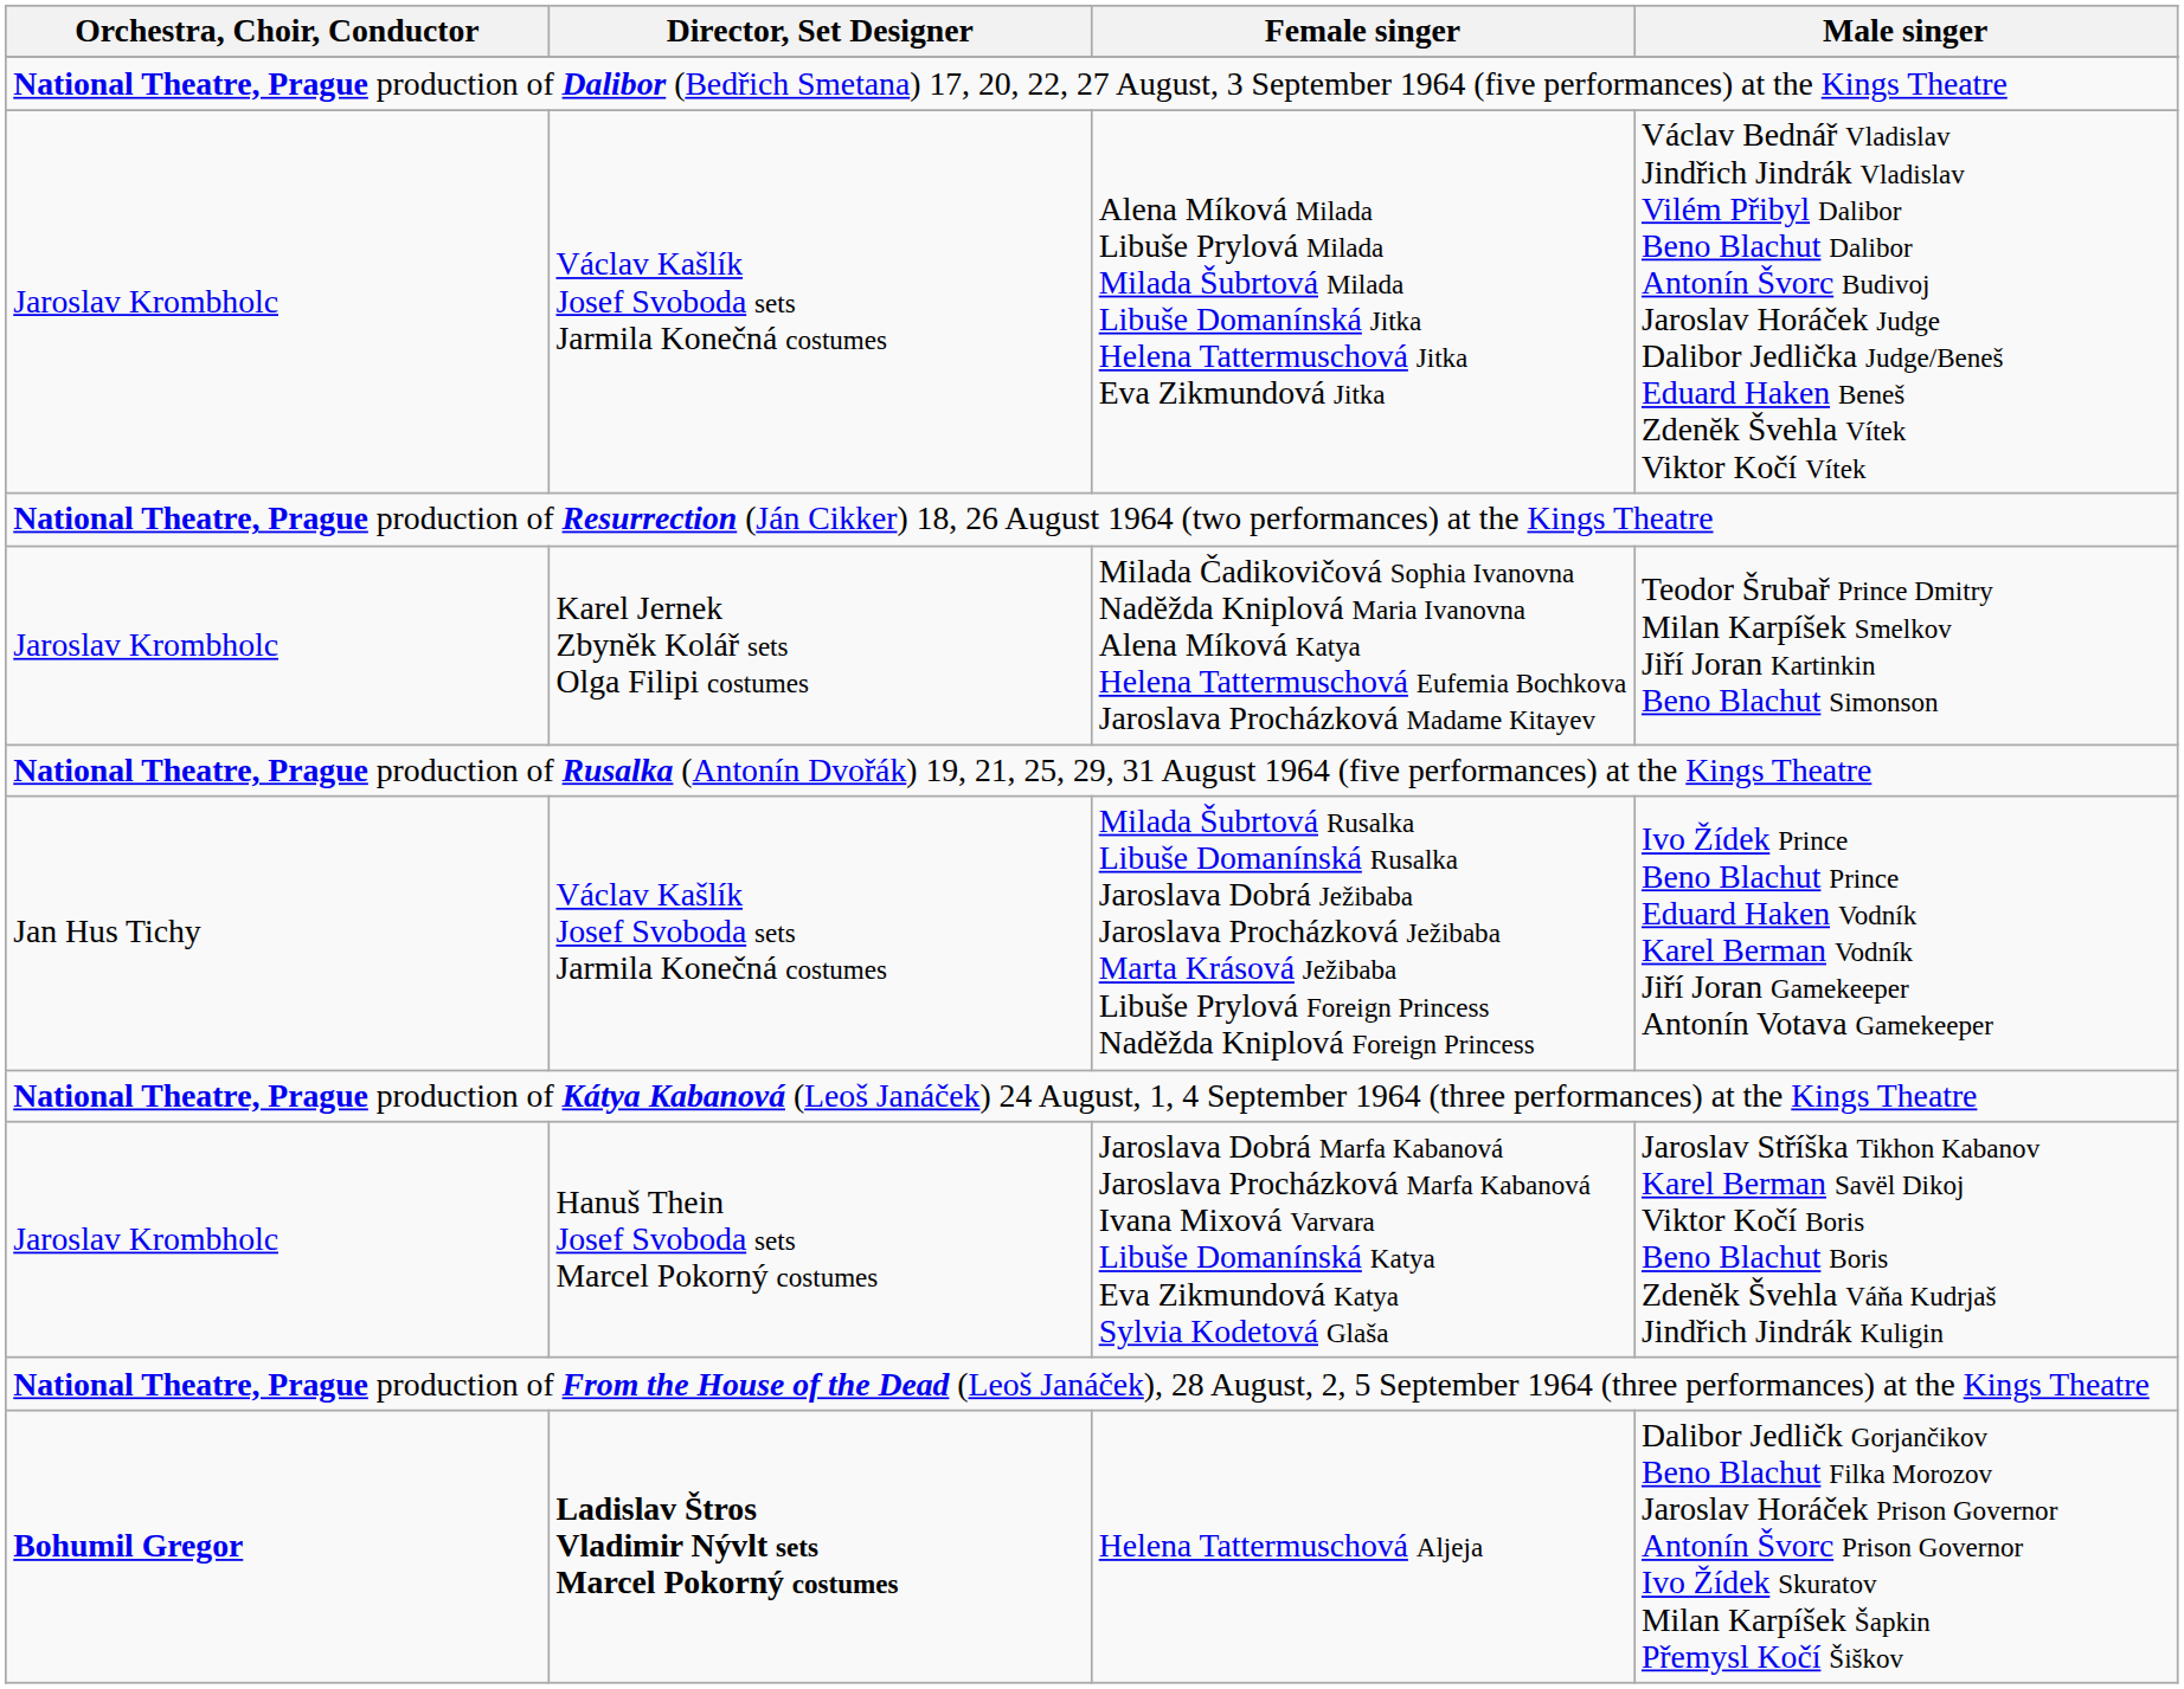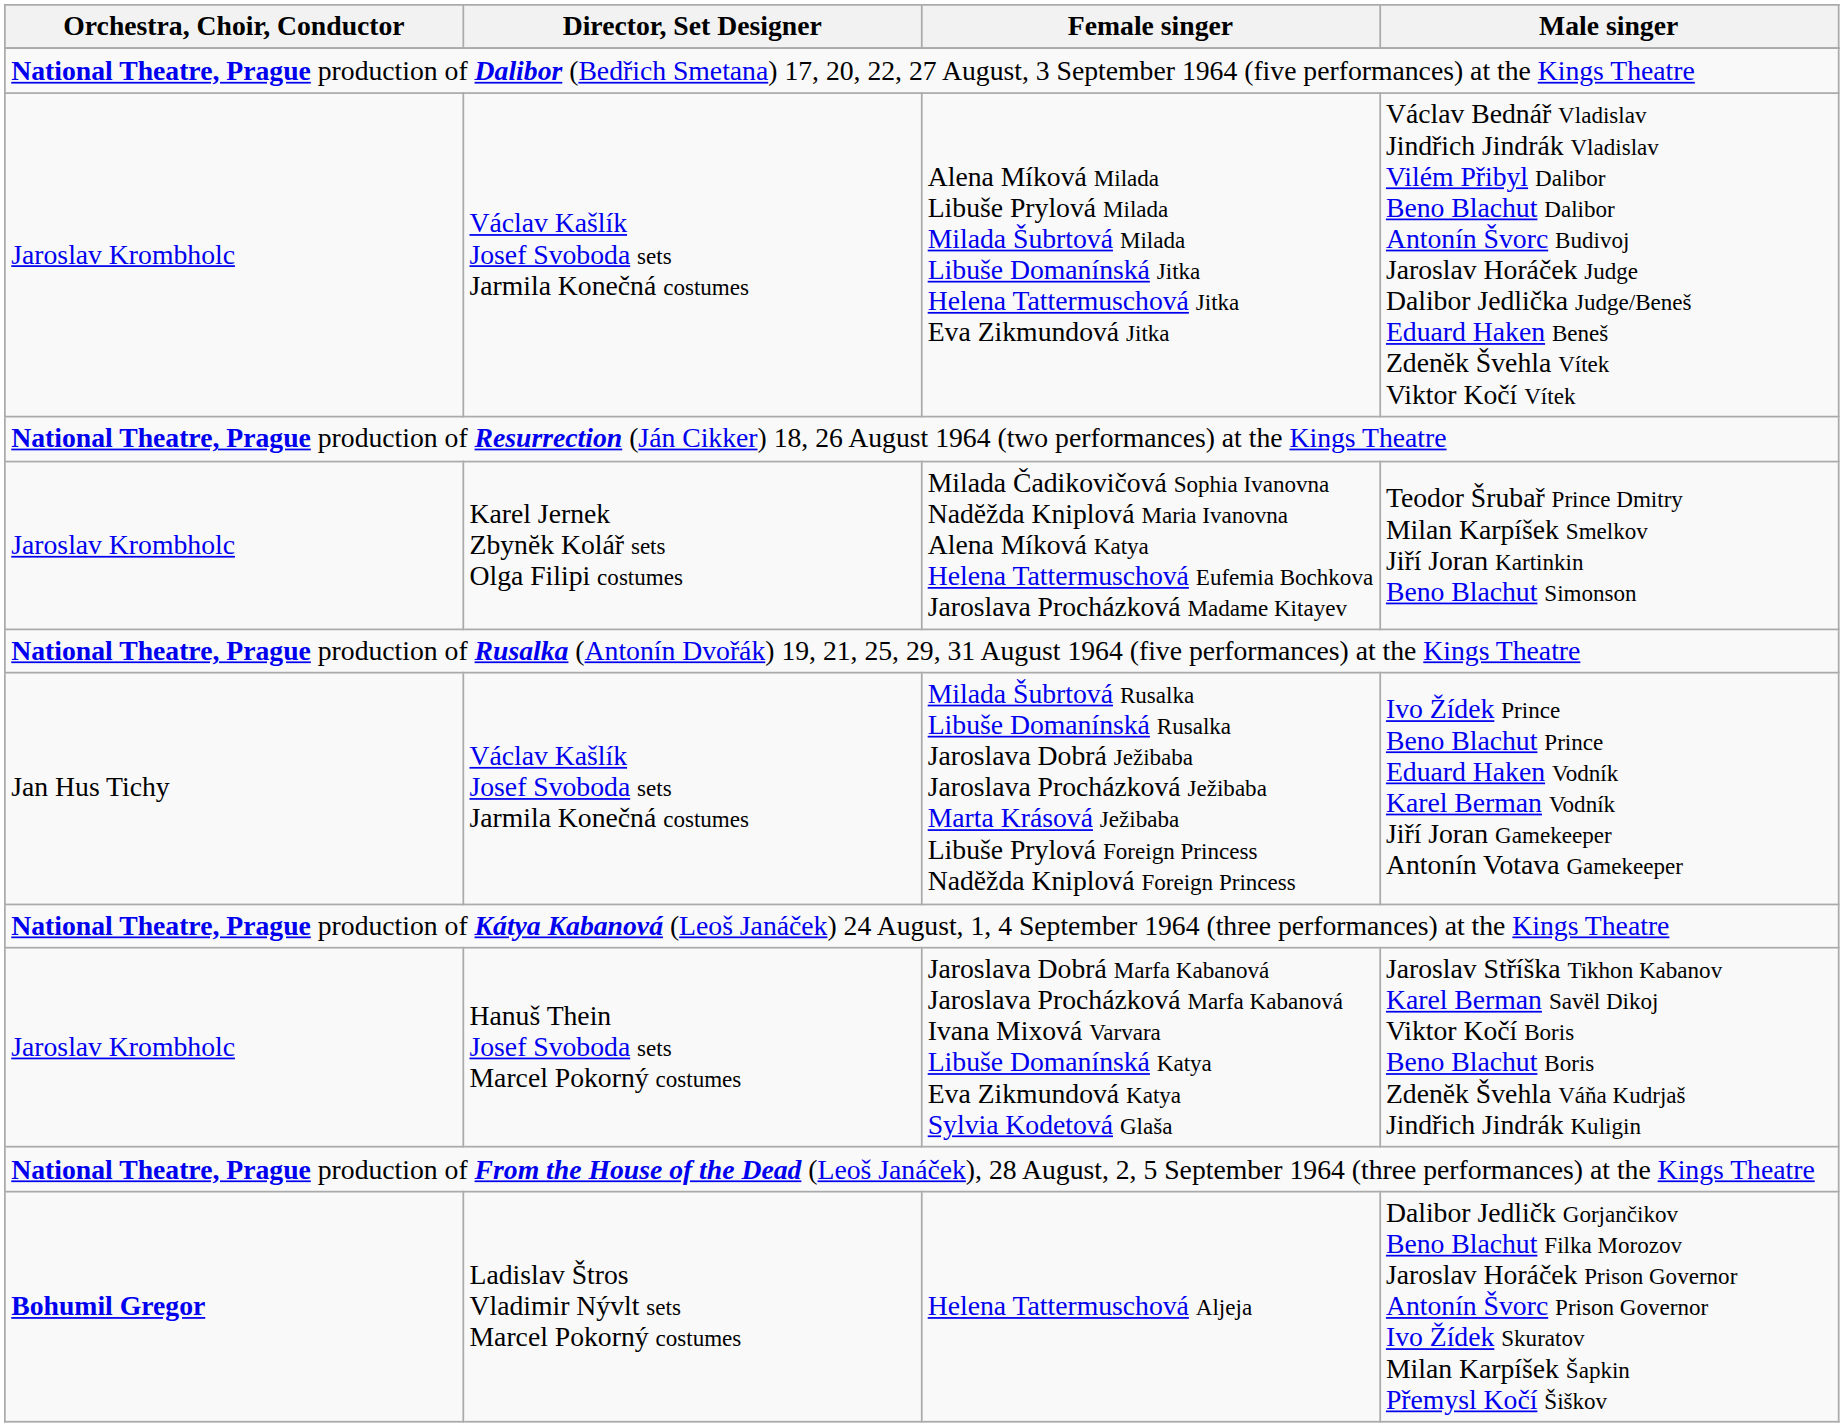 <table class="wikitable toptextcells">
 <tr class="hintergrundfarbe5">
 <th style="width:25%;">Orchestra, Choir, Conductor</th>
 <th style="width:25%;">Director, Set Designer</th>
 <th style="width:25%;">Female singer</th>
 <th style="width:25%;">Male singer</th>
 </tr>
 <tr>
 </tr>
 <tr class="hintergrundfarbe8">
 <td colspan="9"><strong><a href='#'>National Theatre, Prague</a></strong> production of <strong><em><a href='#'>Dalibor</a></em></strong> (<a href='#'>Bedřich Smetana</a>) 17, 20, 22, 27 August, 3 September 1964 (five performances) at the <a href='#'>Kings Theatre</a></td>
 </tr>
 <tr>
 <td><a href='#'>Jaroslav Krombholc</a></td>
 <td><a href='#'>Václav Kašlík</a> <br><a href='#'>Josef Svoboda</a>  <small>sets</small><br>Jarmila Konečná <small>costumes</small></td>
 <td>Alena Míková <small>Milada</small><br> Libuše Prylová <small>Milada</small><br> <a href='#'>Milada Šubrtová</a> <small>Milada</small><br><a href='#'>Libuše Domanínská</a> <small>Jitka</small><br><a href='#'>Helena Tattermuschová</a> <small>Jitka</small><br>Eva Zikmundová <small>Jitka</small></td>
 <td>Václav Bednář <small>Vladislav</small><br>Jindřich Jindrák <small>Vladislav</small><br><a href='#'>Vilém Přibyl</a> <small>Dalibor</small><br><a href='#'>Beno Blachut</a> <small>Dalibor</small><br><a href='#'>Antonín Švorc</a> <small>Budivoj</small><br>Jaroslav Horáček <small>Judge</small><br>Dalibor Jedlička <small>Judge/Beneš</small><br><a href='#'>Eduard Haken</a> <small>Beneš</small><br>Zdenĕk Švehla <small>Vítek</small><br>Viktor Kočí <small>Vítek</small></td>
 </tr>
 <tr class="hintergrundfarbe8">
 <td colspan="9"><strong><a href='#'>National Theatre, Prague</a></strong> production of <strong><em><a href='#'>Resurrection</a></em></strong> (<a href='#'>Ján Cikker</a>) 18, 26 August 1964 (two performances) at the <a href='#'>Kings Theatre</a></td>
 </tr>
 <tr>
 <td><a href='#'>Jaroslav Krombholc</a></td>
 <td>Karel Jernek <br>Zbynĕk Kolář  <small>sets</small><br>Olga Filipi <small>costumes</small></td>
 <td>Milada Čadikovičová <small>Sophia Ivanovna</small><br>Nadĕžda Kniplová <small>Maria Ivanovna</small><br>Alena Míková <small>Katya</small><br><a href='#'>Helena Tattermuschová</a> <small>Eufemia Bochkova</small><br>Jaroslava Procházková <small>Madame Kitayev</small></td>
 <td>Teodor Šrubař <small>Prince Dmitry</small><br>Milan Karpíšek <small>Smelkov</small><br>Jiří Joran <small>Kartinkin</small><br><a href='#'>Beno Blachut</a> <small>Simonson</small></td>
 </tr>
 <tr class="hintergrundfarbe8">
 <td colspan="9"><strong><a href='#'>National Theatre, Prague</a></strong> production of <strong><em><a href='#'>Rusalka</a></em></strong> (<a href='#'>Antonín Dvořák</a>) 19, 21, 25, 29, 31 August 1964 (five performances) at the <a href='#'>Kings Theatre</a></td>
 </tr>
 <tr>
 <td>Jan Hus Tichy</td>
 <td><a href='#'>Václav Kašlík</a> <br><a href='#'>Josef Svoboda</a>  <small>sets</small><br>Jarmila Konečná <small>costumes</small></td>
 <td><a href='#'>Milada Šubrtová</a> <small>Rusalka</small><br><a href='#'>Libuše Domanínská</a> <small>Rusalka</small><br>Jaroslava Dobrá <small>Ježibaba</small><br>Jaroslava Procházková <small>Ježibaba</small><br><a href='#'>Marta Krásová</a> <small>Ježibaba</small><br>Libuše Prylová <small>Foreign Princess</small><br>Nadĕžda Kniplová <small>Foreign Princess</small></td>
 <td><a href='#'>Ivo Žídek</a> <small>Prince</small><br><a href='#'>Beno Blachut</a> <small>Prince</small><br><a href='#'>Eduard Haken</a> <small>Vodník</small><br><a href='#'>Karel Berman</a> <small>Vodník</small><br>Jiří Joran <small>Gamekeeper</small><br>Antonín Votava <small>Gamekeeper</small></td>
 </tr>
 <tr class="hintergrundfarbe8">
 <td colspan="9"><strong><a href='#'>National Theatre, Prague</a></strong> production of <strong><em><a href='#'>Kátya Kabanová</a></em></strong> (<a href='#'>Leoš Janáček</a>) 24 August, 1, 4 September 1964 (three performances) at the <a href='#'>Kings Theatre</a></td>
 </tr>
 <tr>
 <td><a href='#'>Jaroslav Krombholc</a></td>
 <td>Hanuš Thein <br><a href='#'>Josef Svoboda</a>  <small>sets</small><br>Marcel Pokorný <small>costumes</small></td>
 <td>Jaroslava Dobrá <small>Marfa Kabanová</small><br>Jaroslava Procházková <small>Marfa Kabanová</small><br>Ivana Mixová <small>Varvara</small><br><a href='#'>Libuše Domanínská</a> <small>Katya</small><br>Eva Zikmundová <small>Katya</small><br><a href='#'>Sylvia Kodetová</a> <small>Glaša</small></td>
 <td>Jaroslav Stříška <small>Tikhon Kabanov</small><br><a href='#'>Karel Berman</a> <small>Savël Dikoj</small><br>Viktor Kočí <small>Boris</small><br><a href='#'>Beno Blachut</a> <small>Boris</small><br>Zdenĕk Švehla <small>Váňa Kudrjaš</small><br>Jindřich Jindrák <small>Kuligin</small></td>
 </tr>
 <tr class="hintergrundfarbe8">
 <td colspan="9"><strong><a href='#'>National Theatre, Prague</a></strong> production of <strong><em><a href='#'>From the House of the Dead</a></em></strong> (<a href='#'>Leoš Janáček</a>), 28 August, 2, 5 September 1964 (three performances) at the <a href='#'>Kings Theatre</a></td>
 </tr>
 <tr>
 <td><strong><a href='#'>Bohumil Gregor</a></strong></td>
-<td><strong>Ladislav Štros <br>Vladimir Nývlt  <small>sets</small><br>Marcel Pokorný <small>costumes</small></strong></td>
+<td>Ladislav Štros <br>Vladimir Nývlt  <small>sets</small><br>Marcel Pokorný <small>costumes</small></td>
 <td><a href='#'>Helena Tattermuschová</a> <small>Aljeja</small></td>
 <td>Dalibor Jedličk <small>Gorjančikov</small><br><a href='#'>Beno Blachut</a> <small>Filka Morozov</small><br>Jaroslav Horáček <small>Prison Governor</small><br><a href='#'>Antonín Švorc</a> <small>Prison Governor</small><br><a href='#'>Ivo Žídek</a> <small>Skuratov</small><br>Milan Karpíšek <small>Šapkin</small><br><a href='#'>Přemysl Kočí</a> <small>Šiškov</small></td>
 </tr>
 </table>
